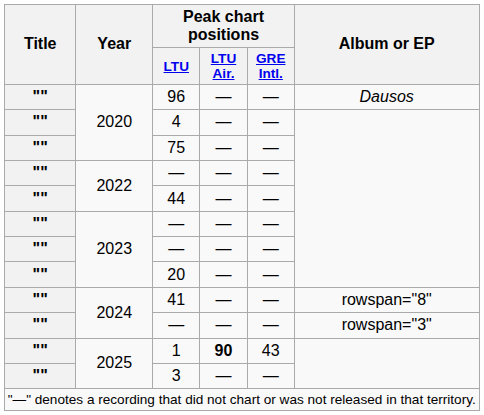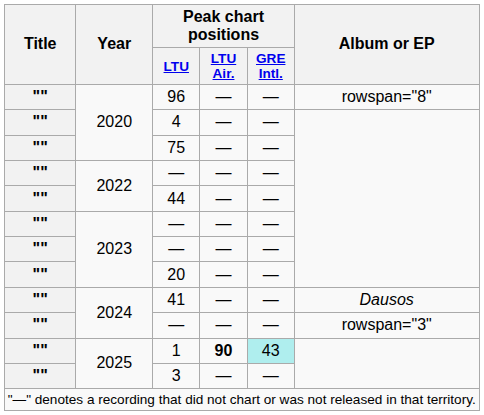 <table class="wikitable plainrowheaders" style="text-align:center;">
 <tr>
 <th scope="col" rowspan="2">Title</th>
 <th scope="col" rowspan="2">Year</th>
 <th scope="col" colspan="3">Peak chart positions</th>
 <th scope="col" rowspan="2">Album or EP</th>
 </tr>
 <tr>
 <th scope="col" style="width:3em;font-size:85%;"><a href='#'>LTU</a><br></th>
 <th scope="col" style="width:3em;font-size:85%;"><a href='#'>LTU<br>Air.</a><br></th>
 <th scope="col" style="width:3em;font-size:85%;"><a href='#'>GRE<br>Intl.</a><br></th>
 </tr>
 <tr>
 <th scope="row">""</th>
 <td rowspan="3">2020</td>
 <td>96</td>
 <td>—</td>
 <td>—</td>
-<td><em>Dausos</em></td>
+<td>rowspan="8" </td>
 </tr>
 <tr>
 <th scope="row">""</th>
 <td>4</td>
 <td>—</td>
 <td>—</td>
 </tr>
 <tr>
 <th scope="row">""</th>
 <td>75</td>
 <td>—</td>
 <td>—</td>
 </tr>
 <tr>
 <th scope="row">""</th>
 <td rowspan="2">2022</td>
 <td>—</td>
 <td>—</td>
 <td>—</td>
 </tr>
 <tr>
 <th scope="row">""</th>
 <td>44</td>
 <td>—</td>
 <td>—</td>
 </tr>
 <tr>
 <th scope="row">""</th>
 <td rowspan="3">2023</td>
 <td>—</td>
 <td>—</td>
 <td>—</td>
 </tr>
 <tr>
 <th scope="row">""</th>
 <td>—</td>
 <td>—</td>
 <td>—</td>
 </tr>
 <tr>
 <th scope="row">""</th>
 <td>20</td>
 <td>—</td>
 <td>—</td>
 </tr>
 <tr>
 <th scope="row">""</th>
 <td rowspan="2">2024</td>
 <td>41</td>
 <td>—</td>
 <td>—</td>
-<td>rowspan="8" </td>
+<td><em>Dausos</em></td>
 </tr>
 <tr>
 <th scope="row">""</th>
 <td>—</td>
 <td>—</td>
 <td>—</td>
 <td>rowspan="3" </td>
 </tr>
 <tr>
 <th scope="row">""</th>
 <td rowspan="2">2025</td>
 <td>1</td>
 <td><strong>90</strong></td>
-<td>43</td>
+<td style="background: paleturquoise;">43</td>
 </tr>
 <tr>
 <th scope="row">""</th>
 <td>3</td>
 <td>—</td>
 <td>—</td>
 </tr>
 <tr>
 <td colspan="8" style="font-size:85%">"—" denotes a recording that did not chart or was not released in that territory.</td>
 </tr>
 </table>
